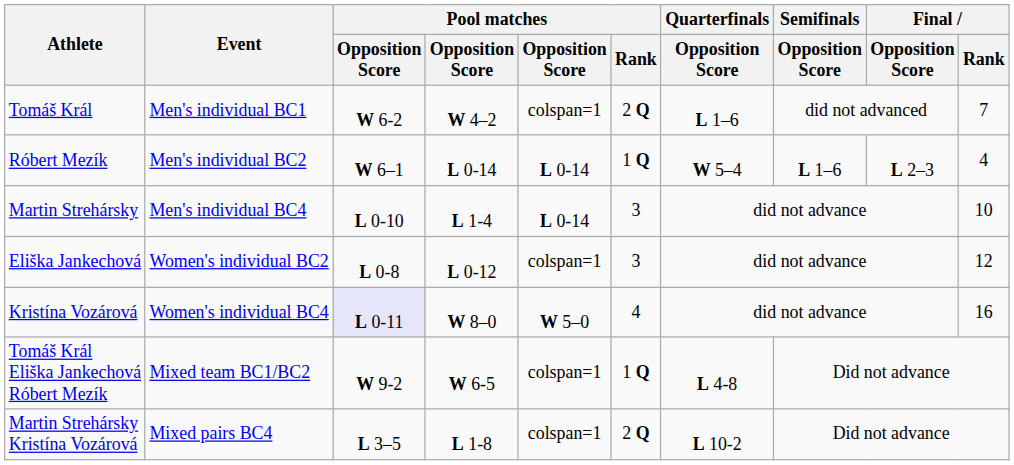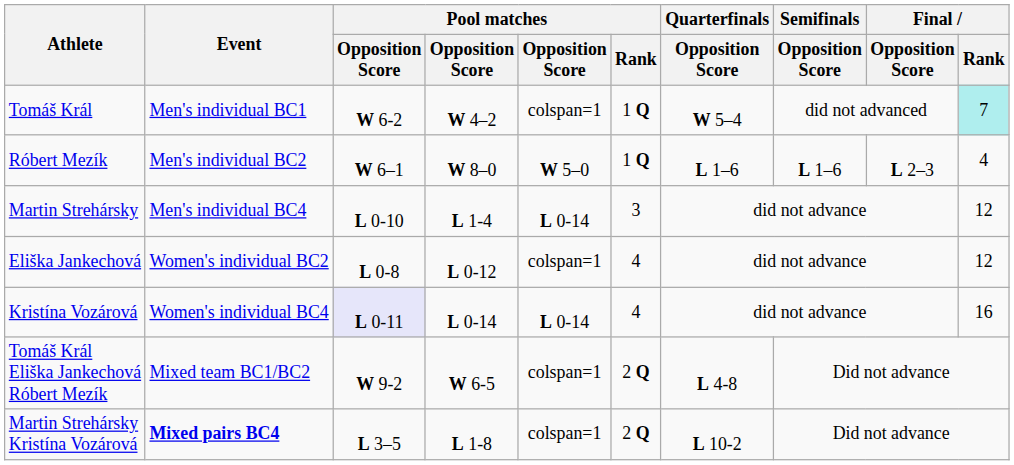 <table class=wikitable style="font-size:90%">
 <tr>
 <th rowspan="2">Athlete</th>
 <th rowspan="2">Event</th>
 <th colspan="4">Pool matches</th>
 <th>Quarterfinals</th>
 <th>Semifinals</th>
 <th colspan=2>Final / </th>
 </tr>
 <tr>
 <th>Opposition<br>Score</th>
 <th>Opposition<br>Score</th>
 <th>Opposition<br>Score</th>
 <th>Rank</th>
 <th>Opposition<br>Score</th>
 <th>Opposition<br>Score</th>
 <th>Opposition<br>Score</th>
 <th>Rank</th>
 </tr>
 <tr align=center>
 <td align=left><a href='#'>Tomáš Král</a></td>
 <td align=left><a href='#'>Men's individual BC1</a></td>
 <td><br> <strong>W</strong> 6-2</td>
 <td><br><strong>W</strong> 4–2</td>
 <td>colspan=1 </td>
-<td>2 <strong>Q</strong></td>
-<td><br><strong>L</strong> 1–6</td>
+<td>1 <strong>Q</strong></td>
+<td><br><strong>W</strong> 5–4</td>
 <td colspan="2">did not advanced</td>
-<td>7</td>
+<td style="background: paleturquoise;">7</td>
 </tr>
 <tr align=center>
 <td align=left><a href='#'>Róbert Mezík</a></td>
 <td align=left><a href='#'>Men's individual BC2</a></td>
 <td><br><strong>W</strong> 6–1</td>
-<td><br> <strong>L</strong> 0-14</td>
-<td><br> <strong>L</strong> 0-14</td>
+<td><br><strong>W</strong> 8–0</td>
+<td><br><strong>W</strong> 5–0</td>
 <td>1 <strong>Q</strong></td>
-<td><br><strong>W</strong> 5–4</td>
+<td><br><strong>L</strong> 1–6</td>
 <td><br><strong>L</strong> 1–6</td>
 <td><br><strong>L</strong> 2–3</td>
 <td>4</td>
 </tr>
 <tr align=center>
 <td align=left><a href='#'>Martin Strehársky</a></td>
 <td align=left><a href='#'>Men's individual BC4</a></td>
 <td><br> <strong>L</strong> 0-10</td>
 <td><br> <strong>L</strong> 1-4</td>
 <td><br> <strong>L</strong> 0-14</td>
 <td>3</td>
 <td colspan="3">did not advance</td>
-<td>10</td>
+<td>12</td>
 </tr>
 <tr align=center>
 <td align=left><a href='#'>Eliška Jankechová</a></td>
 <td align=left><a href='#'>Women's individual BC2</a></td>
 <td><br> <strong>L</strong> 0-8</td>
 <td><br> <strong>L</strong> 0-12</td>
 <td>colspan=1 </td>
-<td>3</td>
+<td>4</td>
 <td colspan="3">did not advance</td>
 <td>12</td>
 </tr>
 <tr align=center>
 <td align=left><a href='#'>Kristína Vozárová</a></td>
 <td align=left><a href='#'>Women's individual BC4</a></td>
 <td style="background: lavender;"><br> <strong>L</strong> 0-11</td>
-<td><br><strong>W</strong> 8–0</td>
-<td><br><strong>W</strong> 5–0</td>
+<td><br> <strong>L</strong> 0-14</td>
+<td><br> <strong>L</strong> 0-14</td>
 <td>4</td>
 <td colspan="3">did not advance</td>
 <td>16</td>
 </tr>
 <tr align=center>
 <td align=left><a href='#'>Tomáš Král</a><br><a href='#'>Eliška Jankechová</a><br><a href='#'>Róbert Mezík</a></td>
 <td align=left><a href='#'>Mixed team BC1/BC2</a></td>
 <td><br> <strong>W</strong> 9-2</td>
 <td><br> <strong>W</strong> 6-5</td>
 <td>colspan=1 </td>
-<td>1 <strong>Q</strong></td>
+<td>2 <strong>Q</strong></td>
 <td> <br><strong>L</strong> 4-8</td>
 <td colspan=3>Did not advance</td>
 </tr>
 <tr align=center>
 <td align=left><a href='#'>Martin Strehársky</a><br><a href='#'>Kristína Vozárová</a></td>
-<td align=left><a href='#'>Mixed pairs BC4</a></td>
+<td align=left><strong><a href='#'>Mixed pairs BC4</a></strong></td>
 <td><br> <strong>L</strong> 3–5</td>
 <td><br> <strong>L</strong> 1-8</td>
 <td>colspan=1 </td>
 <td>2 <strong>Q</strong></td>
 <td><br><strong>L</strong> 10-2</td>
 <td colspan=3>Did not advance</td>
 </tr>
 </table>
